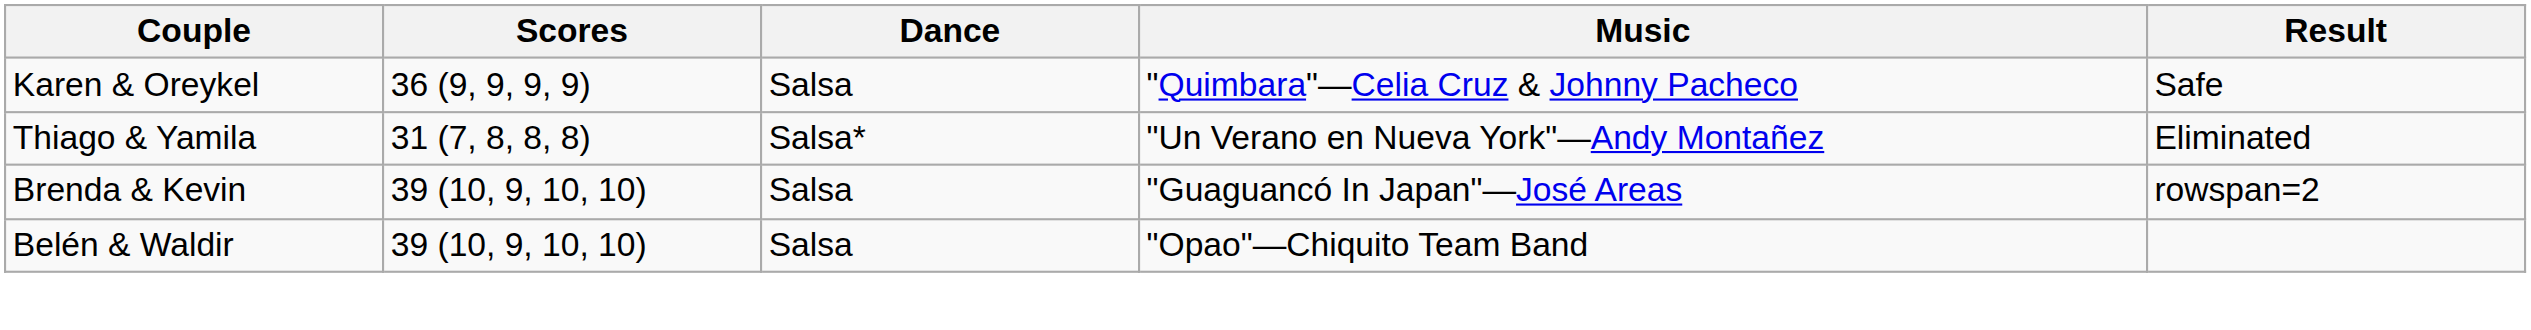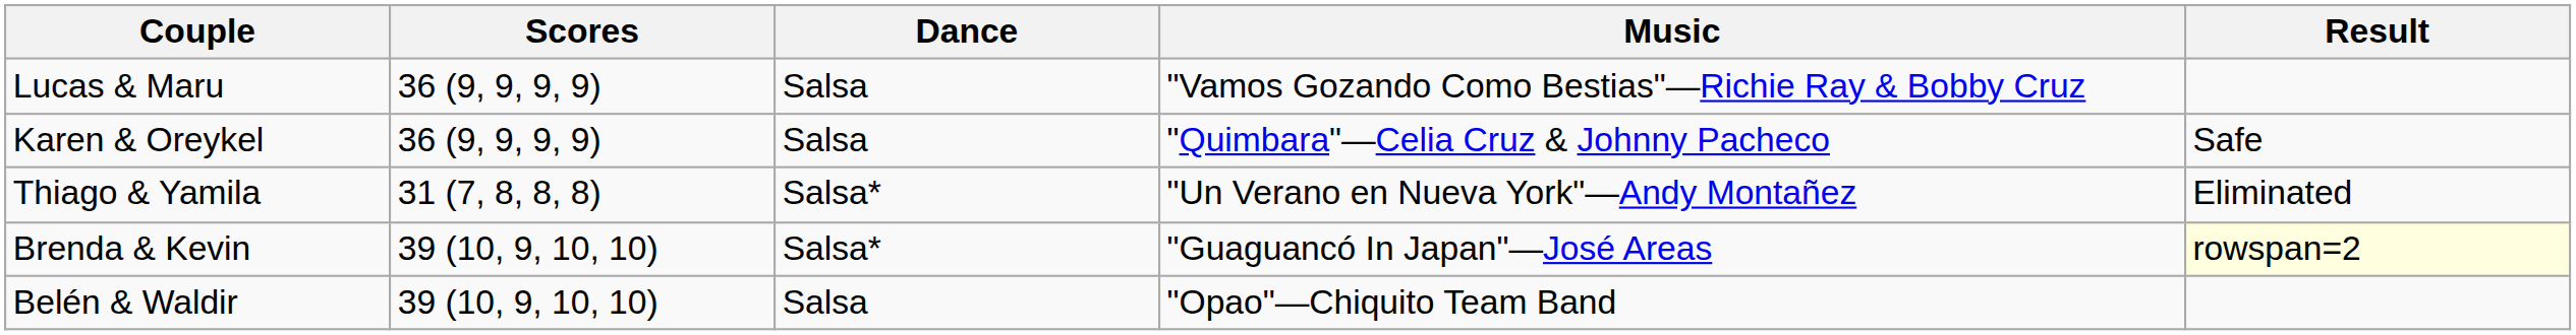 <table class="wikitable sortable" style="width:95%;">
 <tr>
 <th style="width:15%;">Couple</th>
 <th style="width:15%;">Scores</th>
 <th style="width:15%;">Dance</th>
 <th style="width:40%;">Music</th>
 <th style="width:15%;">Result</th>
+</tr>
+<tr>
+<td>Lucas & Maru</td>
+<td>36 (9, 9, 9, 9)</td>
+<td>Salsa</td>
+<td>"Vamos Gozando Como Bestias"—<a href='#'>Richie Ray & Bobby Cruz</a></td>
+<td></td>
 </tr>
 <tr>
 <td>Karen & Oreykel</td>
 <td>36 (9, 9, 9, 9)</td>
 <td>Salsa</td>
 <td>"<a href='#'>Quimbara</a>"—<a href='#'>Celia Cruz</a> & <a href='#'>Johnny Pacheco</a></td>
 <td>Safe</td>
 </tr>
 <tr>
 <td>Thiago & Yamila</td>
 <td>31 (7, 8, 8, 8)</td>
 <td>Salsa*</td>
 <td>"Un Verano en Nueva York"—<a href='#'>Andy Montañez</a></td>
 <td>Eliminated</td>
 </tr>
 <tr>
 <td>Brenda & Kevin</td>
 <td>39 (10, 9, 10, 10)</td>
-<td>Salsa</td>
+<td>Salsa*</td>
 <td>"Guaguancó In Japan"—<a href='#'>José Areas</a></td>
-<td>rowspan=2 </td>
+<td style="background: lightyellow;">rowspan=2 </td>
 </tr>
 <tr>
 <td>Belén & Waldir</td>
 <td>39 (10, 9, 10, 10)</td>
 <td>Salsa</td>
 <td>"Opao"—Chiquito Team Band</td>
 </tr>
 </table>
